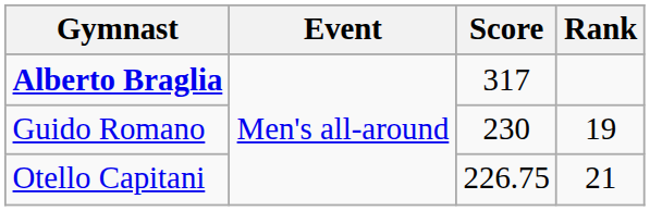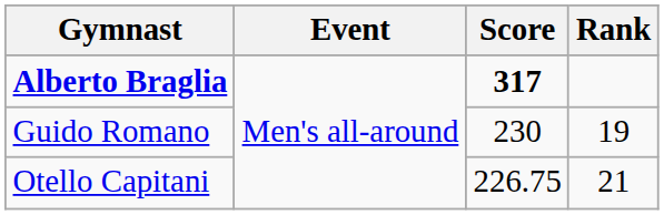 <table class=wikitable>
 <tr>
 <th>Gymnast</th>
 <th>Event</th>
 <th>Score</th>
 <th>Rank</th>
 </tr>
 <tr align=center>
 <td align=left><strong><a href='#'>Alberto Braglia</a></strong></td>
 <td rowspan=3 align=left><a href='#'>Men's all-around</a></td>
-<td>317</td>
+<td><strong>317</strong></td>
 <td></td>
 </tr>
 <tr align=center>
 <td align=left><a href='#'>Guido Romano</a></td>
 <td>230</td>
 <td>19</td>
 </tr>
 <tr align=center>
 <td align=left><a href='#'>Otello Capitani</a></td>
 <td>226.75</td>
 <td>21</td>
 </tr>
 </table>
